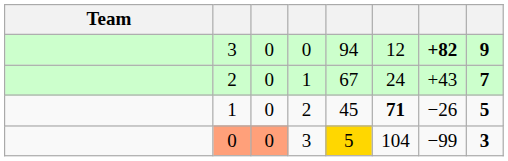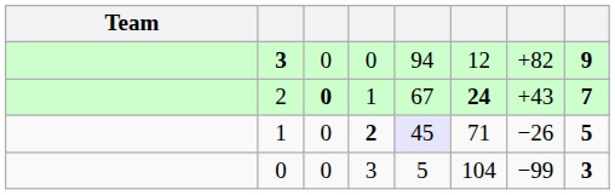 <table class="wikitable" style="text-align:center;">
 <tr>
 <th style="width:10.5em;">Team</th>
 <th style="width:1.5em;"></th>
 <th style="width:1.5em;"></th>
 <th style="width:1.5em;"></th>
 <th style="width:2.0em;"></th>
 <th style="width:2.0em;"></th>
 <th style="width:2.0em;"></th>
 <th style="width:1.5em;"></th>
 </tr>
 <tr bgcolor=#cfc>
 <td align="left"></td>
-<td>3</td>
+<td><strong>3</strong></td>
 <td>0</td>
 <td>0</td>
 <td>94</td>
 <td>12</td>
-<td><strong>+82</strong></td>
+<td>+82</td>
 <td><strong>9</strong></td>
 </tr>
 <tr bgcolor=#cfc>
 <td align="left"></td>
 <td>2</td>
-<td>0</td>
+<td><strong>0</strong></td>
 <td>1</td>
 <td>67</td>
-<td>24</td>
+<td><strong>24</strong></td>
 <td>+43</td>
 <td><strong>7</strong></td>
 </tr>
 <tr>
 <td align="left"></td>
 <td>1</td>
 <td>0</td>
-<td>2</td>
-<td>45</td>
-<td><strong>71</strong></td>
+<td><strong>2</strong></td>
+<td style="background: lavender;">45</td>
+<td>71</td>
 <td>−26</td>
 <td><strong>5</strong></td>
 </tr>
 <tr>
 <td align="left"></td>
-<td style="background: lightsalmon;">0</td>
-<td style="background: lightsalmon;">0</td>
+<td>0</td>
+<td>0</td>
 <td>3</td>
-<td style="background: gold;">5</td>
+<td>5</td>
 <td>104</td>
 <td>−99</td>
 <td><strong>3</strong></td>
 </tr>
 </table>
